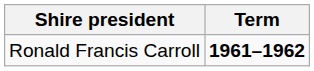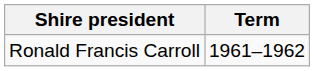 <table class="wikitable">
 <tr>
 <th>Shire president</th>
 <th>Term</th>
 </tr>
 <tr>
 <td>Ronald Francis Carroll</td>
-<td><strong>1961–1962</strong></td>
+<td>1961–1962</td>
 </tr>
 </table>
